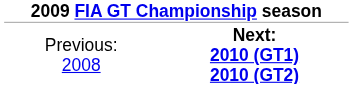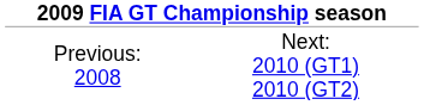 <table style="margin: 0 0 1em 1em; float:right; text-align:center; width: 20em;" class="toccolours">
 <tr>
 <td colspan="2" style="padding:0 1em;border-bottom:1px #aaa solid;"><strong>2009 <a href='#'>FIA GT Championship</a> season</strong></td>
 </tr>
 <tr>
 <td>Previous:<br><a href='#'>2008</a></td>
-<td><strong>Next:<br><a href='#'>2010 (GT1)</a><br><a href='#'>2010 (GT2)</a></strong></td>
+<td>Next:<br><a href='#'>2010 (GT1)</a><br><a href='#'>2010 (GT2)</a></td>
 </tr>
 </table>
